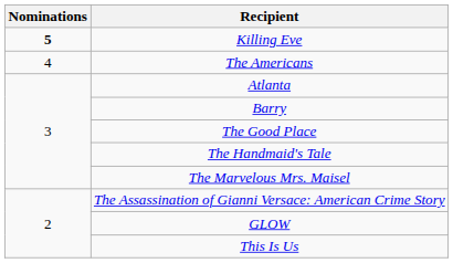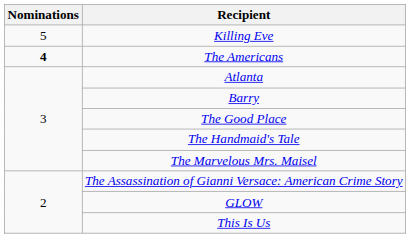 <table class="wikitable" rowspan="2" style="text-align:center;" background: #f6e39c;>
 <tr>
 <th scope="col" style="width:55px;">Nominations</th>
 <th scope="col" style="text-align:center;">Recipient</th>
 </tr>
 <tr>
-<td style="text-align: center;"><strong>5</strong></td>
+<td style="text-align: center;">5</td>
 <td><em><a href='#'>Killing Eve</a></em></td>
 </tr>
 <tr>
-<td style="text-align: center;">4</td>
+<td style="text-align: center;"><strong>4</strong></td>
 <td><em><a href='#'>The Americans</a></em></td>
 </tr>
 <tr>
 <td rowspan="5" style="text-align: center;">3</td>
 <td><em><a href='#'>Atlanta</a></em></td>
 </tr>
 <tr>
 <td><em><a href='#'>Barry</a></em></td>
 </tr>
 <tr>
 <td><em><a href='#'>The Good Place</a></em></td>
 </tr>
 <tr>
 <td><em><a href='#'>The Handmaid's Tale</a></em></td>
 </tr>
 <tr>
 <td><em><a href='#'>The Marvelous Mrs. Maisel</a></em></td>
 </tr>
 <tr>
 <td rowspan="3" style="text-align: center;">2</td>
 <td><em><a href='#'>The Assassination of Gianni Versace: American Crime Story</a></em></td>
 </tr>
 <tr>
 <td><em><a href='#'>GLOW</a></em></td>
 </tr>
 <tr>
 <td><em><a href='#'>This Is Us</a></em></td>
 </tr>
 </table>
